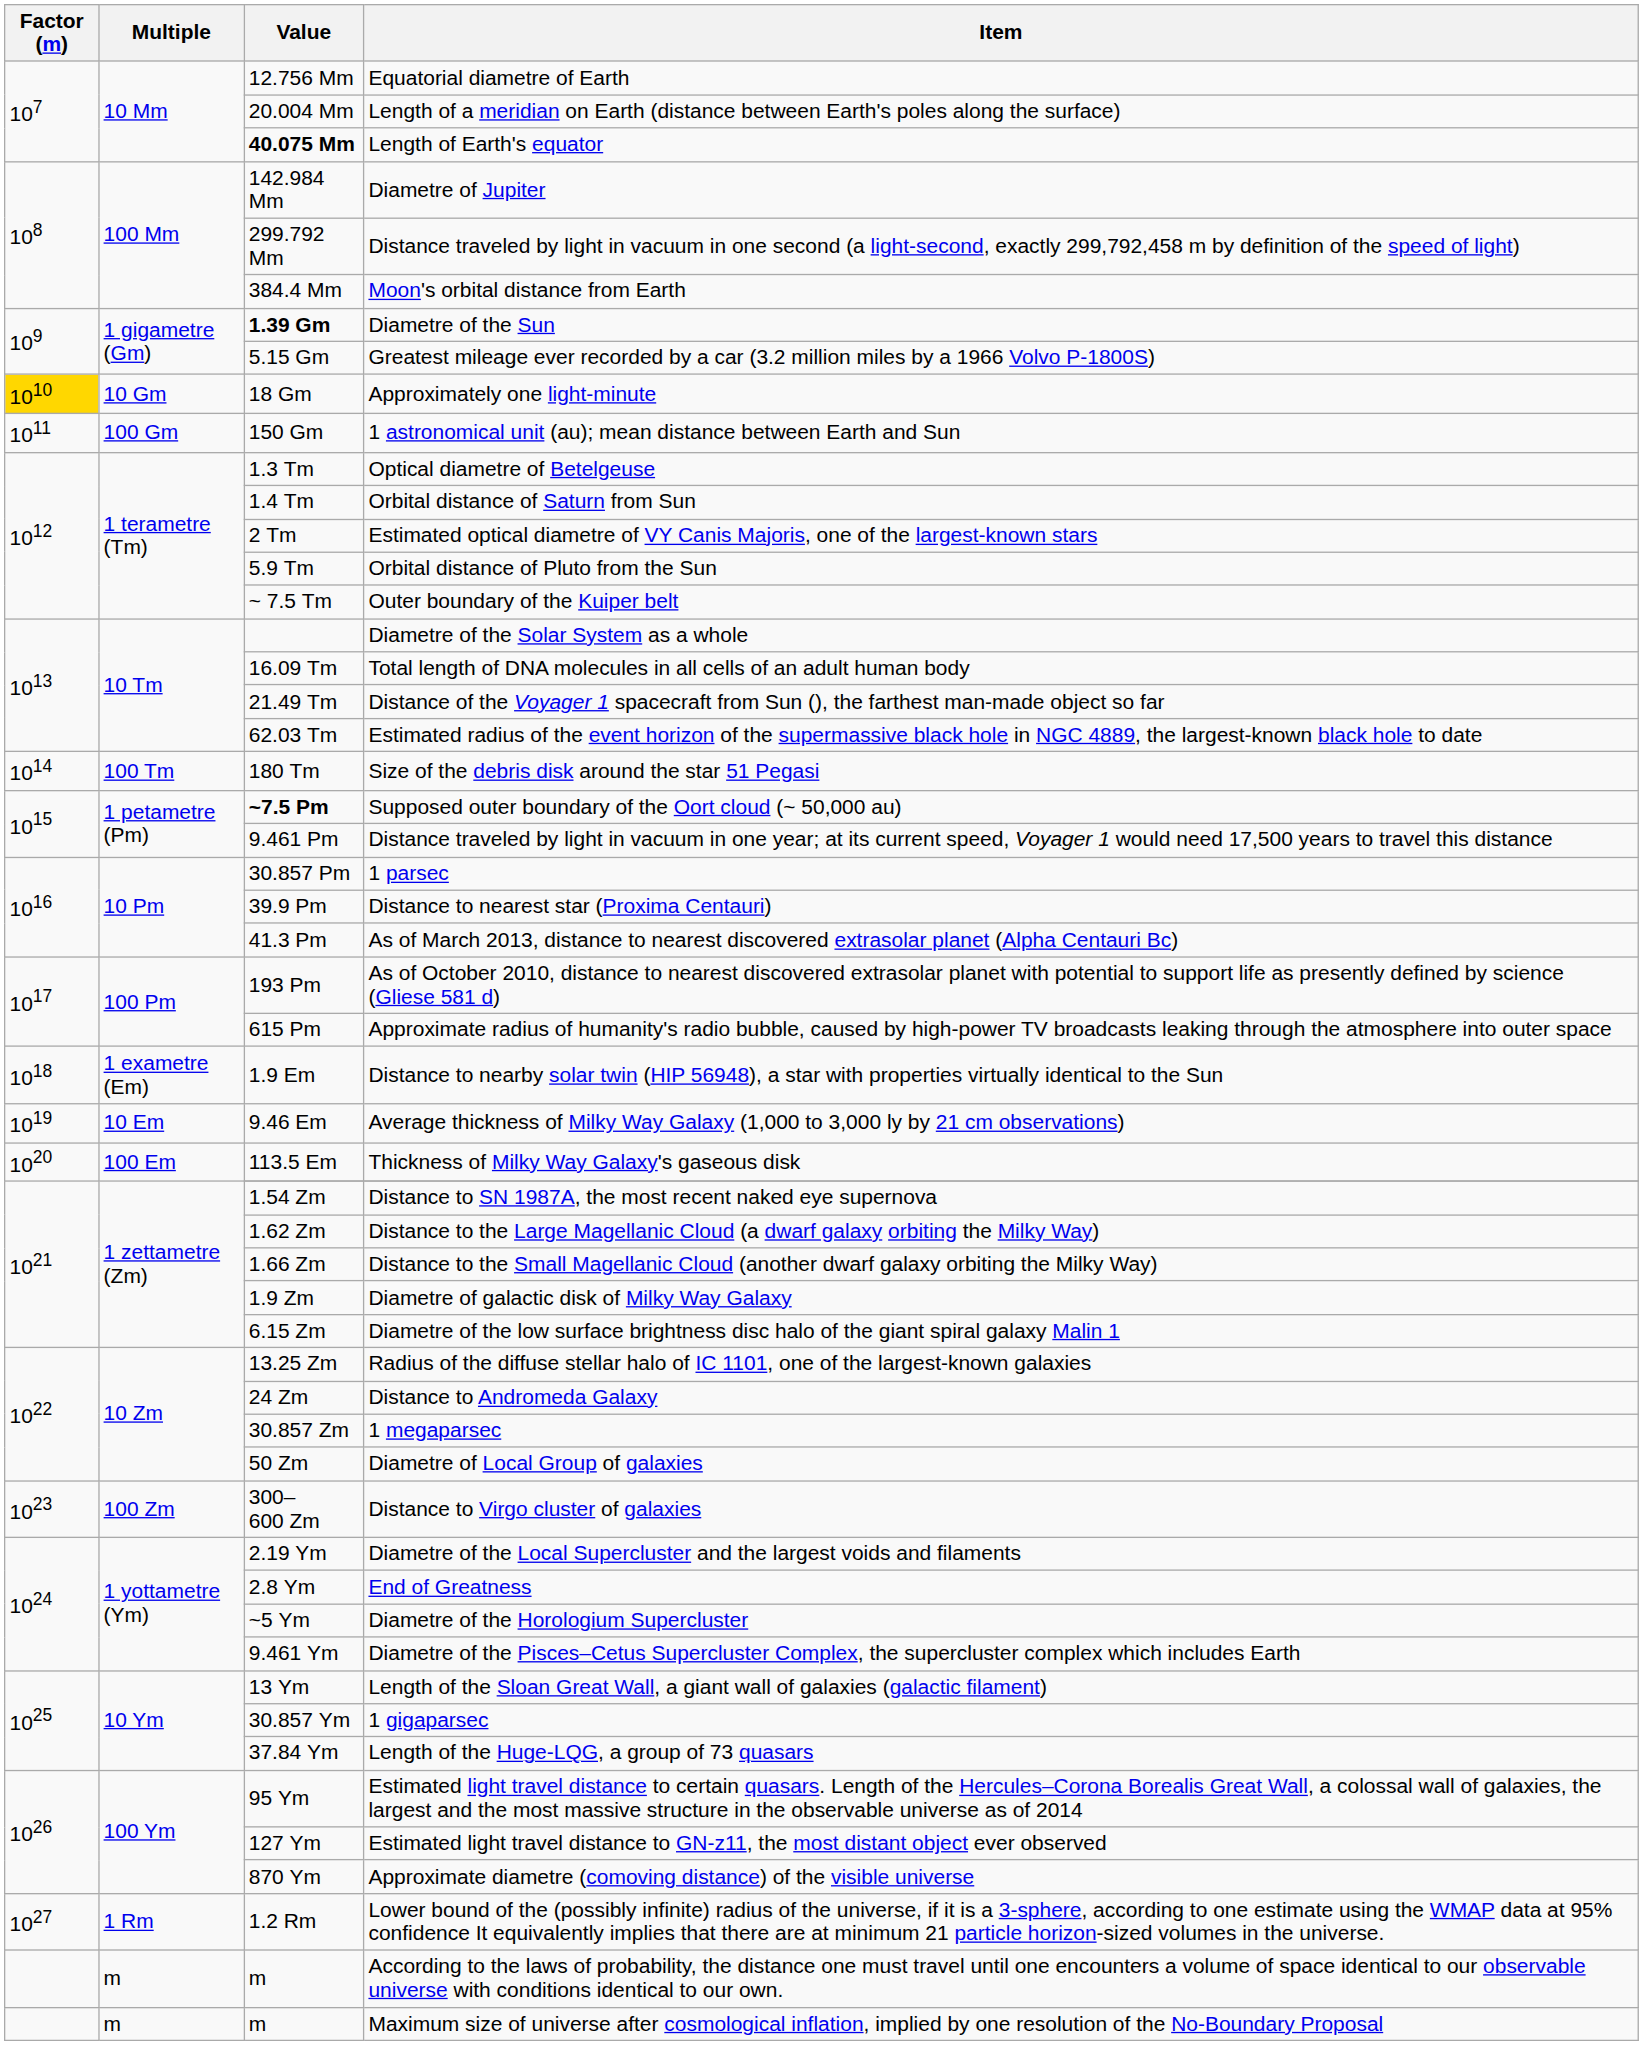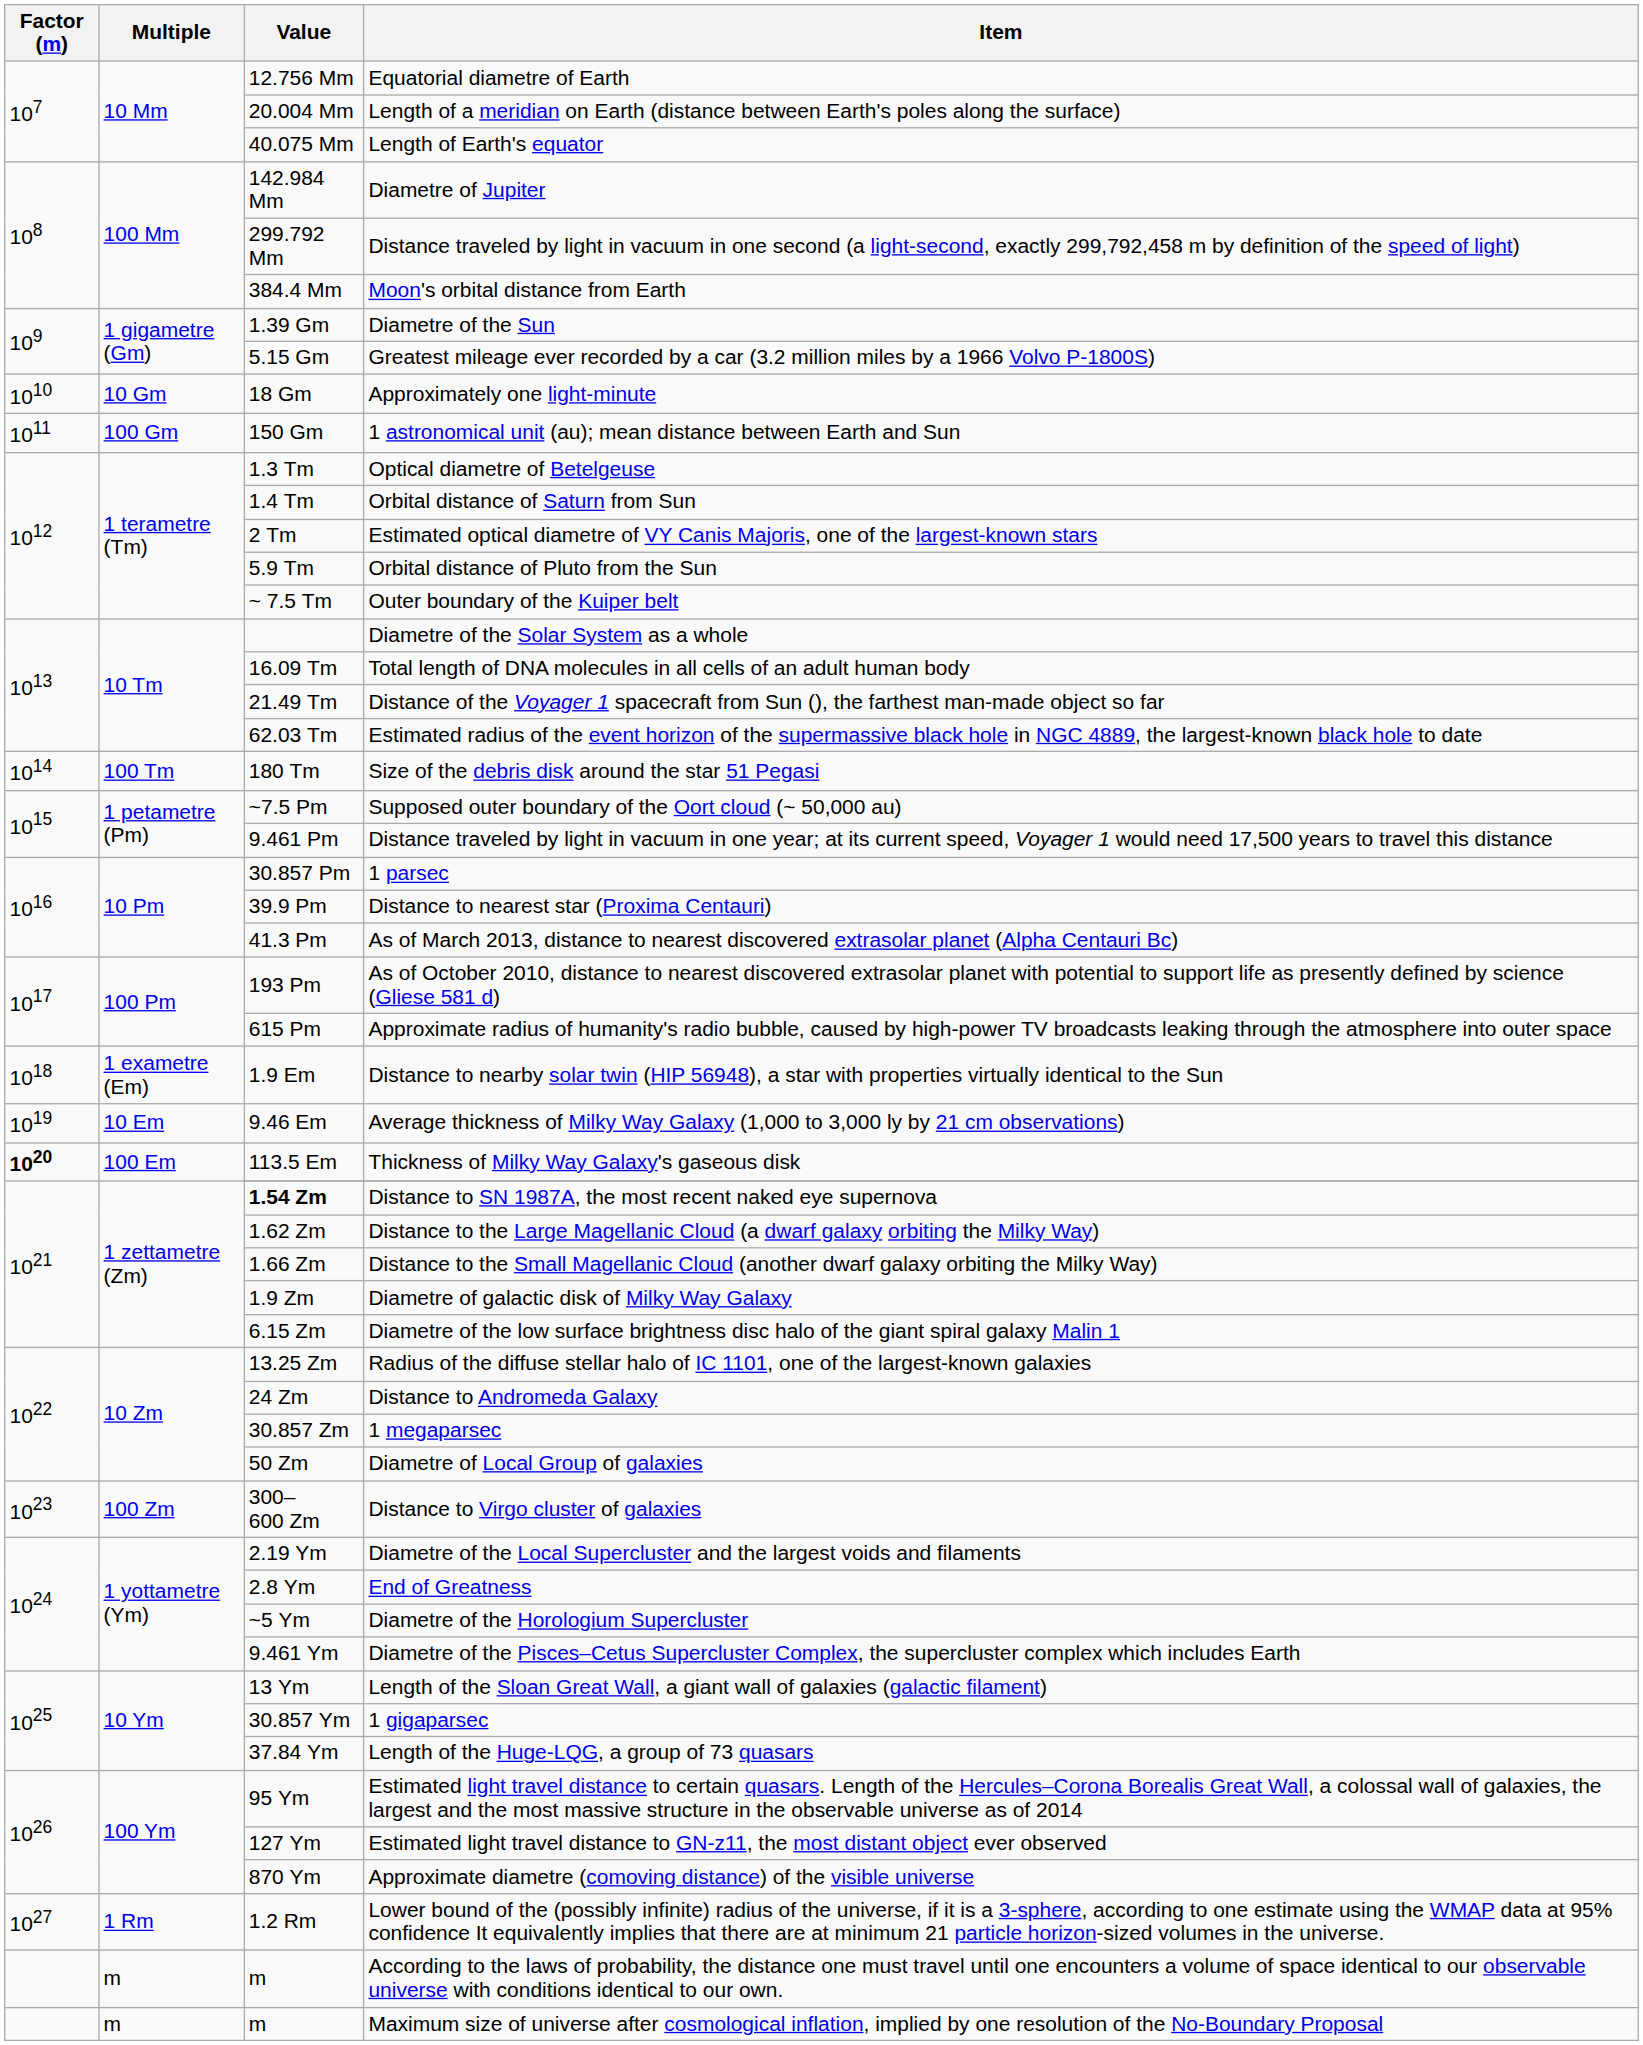 <table class="wikitable">
 <tr>
 <th>Factor (<a href='#'>m</a>)</th>
 <th>Multiple</th>
 <th>Value</th>
 <th>Item</th>
 </tr>
 <tr>
 <td rowspan="3">10<sup>7</sup></td>
 <td rowspan="3"><a href='#'>10 Mm</a></td>
 <td>12.756 Mm</td>
 <td>Equatorial diametre of Earth</td>
 </tr>
 <tr>
 <td>20.004 Mm</td>
 <td>Length of a <a href='#'>meridian</a> on Earth (distance between Earth's poles along the surface)</td>
 </tr>
 <tr>
-<td><strong>40.075 Mm</strong></td>
+<td>40.075 Mm</td>
 <td>Length of Earth's <a href='#'>equator</a></td>
 </tr>
 <tr>
 <td rowspan=3>10<sup>8</sup></td>
 <td rowspan=3><a href='#'>100 Mm</a></td>
 <td>142.984 Mm</td>
 <td>Diametre of <a href='#'>Jupiter</a></td>
 </tr>
 <tr>
 <td>299.792 Mm</td>
 <td>Distance traveled by light in vacuum in one second (a <a href='#'>light-second</a>, exactly 299,792,458 m by definition of the <a href='#'>speed of light</a>)</td>
 </tr>
 <tr>
 <td>384.4 Mm</td>
 <td><a href='#'>Moon</a>'s orbital distance from Earth</td>
 </tr>
 <tr>
 <td rowspan=2>10<sup>9</sup></td>
 <td rowspan=2><a href='#'>1 gigametre</a> (<a href='#'>Gm</a>)</td>
-<td><strong>1.39 Gm</strong></td>
+<td>1.39 Gm</td>
 <td>Diametre of the <a href='#'>Sun</a></td>
 </tr>
 <tr>
 <td>5.15 Gm</td>
 <td>Greatest mileage ever recorded by a car (3.2 million miles by a 1966 <a href='#'>Volvo P-1800S</a>)</td>
 </tr>
 <tr>
-<td style="background: gold;">10<sup>10</sup></td>
+<td>10<sup>10</sup></td>
 <td><a href='#'>10 Gm</a></td>
 <td>18 Gm</td>
 <td>Approximately one <a href='#'>light-minute</a></td>
 </tr>
 <tr>
 <td rowspan=1>10<sup>11</sup></td>
 <td rowspan=1><a href='#'>100 Gm</a></td>
 <td>150 Gm</td>
 <td>1 <a href='#'>astronomical unit</a> (au); mean distance between Earth and Sun</td>
 </tr>
 <tr>
 <td rowspan=5>10<sup>12</sup></td>
 <td rowspan=5><a href='#'>1 terametre</a> (Tm)</td>
 <td>1.3 Tm</td>
 <td>Optical diametre of <a href='#'>Betelgeuse</a></td>
 </tr>
 <tr>
 <td>1.4 Tm</td>
 <td>Orbital distance of <a href='#'>Saturn</a> from Sun</td>
 </tr>
 <tr>
 <td>2 Tm</td>
 <td>Estimated optical diametre of <a href='#'>VY Canis Majoris</a>, one of the <a href='#'>largest-known stars</a></td>
 </tr>
 <tr>
 <td>5.9 Tm</td>
 <td>Orbital distance of Pluto from the Sun</td>
 </tr>
 <tr>
 <td>~ 7.5 Tm</td>
 <td>Outer boundary of the <a href='#'>Kuiper belt</a></td>
 </tr>
 <tr>
 <td rowspan=4>10<sup>13</sup></td>
 <td rowspan=4><a href='#'>10 Tm</a></td>
 <td></td>
 <td>Diametre of the <a href='#'>Solar System</a> as a whole</td>
 </tr>
 <tr>
 <td>16.09 Tm</td>
 <td>Total length of DNA molecules in all cells of an adult human body</td>
 </tr>
 <tr>
 <td>21.49 Tm</td>
 <td>Distance of the <em><a href='#'>Voyager 1</a></em> spacecraft from Sun (), the farthest man-made object so far</td>
 </tr>
 <tr>
 <td>62.03 Tm</td>
 <td>Estimated radius of the <a href='#'>event horizon</a> of the <a href='#'>supermassive black hole</a> in <a href='#'>NGC 4889</a>, the largest-known <a href='#'>black hole</a> to date</td>
 </tr>
 <tr>
 <td>10<sup>14</sup></td>
 <td><a href='#'>100 Tm</a></td>
 <td>180 Tm</td>
 <td>Size of the <a href='#'>debris disk</a> around the star <a href='#'>51 Pegasi</a></td>
 </tr>
 <tr>
 <td rowspan=2>10<sup>15</sup></td>
 <td rowspan=2><a href='#'>1 petametre</a> (Pm)</td>
-<td><strong>~7.5 Pm</strong></td>
+<td>~7.5 Pm</td>
 <td>Supposed outer boundary of the <a href='#'>Oort cloud</a> (~ 50,000 au)</td>
 </tr>
 <tr>
 <td>9.461 Pm</td>
 <td>Distance traveled by light in vacuum in one year; at its current speed, <em>Voyager 1</em> would need 17,500 years to travel this distance</td>
 </tr>
 <tr>
 <td rowspan=3>10<sup>16</sup></td>
 <td rowspan=3><a href='#'>10 Pm</a></td>
 <td>30.857 Pm</td>
 <td>1 <a href='#'>parsec</a></td>
 </tr>
 <tr>
 <td>39.9 Pm</td>
 <td>Distance to nearest star (<a href='#'>Proxima Centauri</a>)</td>
 </tr>
 <tr>
 <td>41.3 Pm</td>
 <td>As of March 2013, distance to nearest discovered <a href='#'>extrasolar planet</a> (<a href='#'>Alpha Centauri Bc</a>)</td>
 </tr>
 <tr>
 <td rowspan=2>10<sup>17</sup></td>
 <td rowspan=2><a href='#'>100 Pm</a></td>
 <td>193 Pm</td>
 <td>As of October 2010, distance to nearest discovered extrasolar planet with potential to support life as presently defined by science (<a href='#'>Gliese 581 d</a>)</td>
 </tr>
 <tr>
 <td>615 Pm</td>
 <td>Approximate radius of humanity's radio bubble, caused by high-power TV broadcasts leaking through the atmosphere into outer space</td>
 </tr>
 <tr>
 <td>10<sup>18</sup></td>
 <td><a href='#'>1 exametre</a> (Em)</td>
 <td>1.9 Em</td>
 <td>Distance to nearby <a href='#'>solar twin</a> (<a href='#'>HIP 56948</a>), a star with properties virtually identical to the Sun</td>
 </tr>
 <tr>
 <td>10<sup>19</sup></td>
 <td><a href='#'>10 Em</a></td>
 <td>9.46 Em</td>
 <td>Average thickness of <a href='#'>Milky Way Galaxy</a> (1,000 to 3,000 ly by <a href='#'>21 cm observations</a>)</td>
 </tr>
 <tr>
-<td rowspan=1>10<sup>20</sup></td>
+<td rowspan=1><strong>10<sup>20</sup></strong></td>
 <td><a href='#'>100 Em</a></td>
 <td>113.5 Em</td>
 <td>Thickness of <a href='#'>Milky Way Galaxy</a>'s gaseous disk</td>
 </tr>
 <tr>
 <td rowspan=6>10<sup>21</sup></td>
 <td rowspan=6><a href='#'>1 zettametre</a> (Zm)</td>
 </tr>
 <tr>
-<td>1.54 Zm</td>
+<td><strong>1.54 Zm</strong></td>
 <td>Distance to <a href='#'>SN 1987A</a>, the most recent naked eye supernova</td>
 </tr>
 <tr>
 <td>1.62 Zm</td>
 <td>Distance to the <a href='#'>Large Magellanic Cloud</a> (a <a href='#'>dwarf galaxy</a> <a href='#'>orbiting</a> the <a href='#'>Milky Way</a>)</td>
 </tr>
 <tr>
 <td>1.66 Zm</td>
 <td>Distance to the <a href='#'>Small Magellanic Cloud</a> (another dwarf galaxy orbiting the Milky Way)</td>
 </tr>
 <tr>
 <td>1.9 Zm</td>
 <td>Diametre of galactic disk of <a href='#'>Milky Way Galaxy</a></td>
 </tr>
 <tr>
 <td>6.15 Zm</td>
 <td>Diametre of the low surface brightness disc halo of the giant spiral galaxy <a href='#'>Malin 1</a></td>
 </tr>
 <tr>
 <td rowspan=4>10<sup>22</sup></td>
 <td rowspan=4><a href='#'>10 Zm</a></td>
 <td>13.25 Zm</td>
 <td>Radius of the diffuse stellar halo of <a href='#'>IC 1101</a>, one of the largest-known galaxies</td>
 </tr>
 <tr>
 <td>24 Zm</td>
 <td>Distance to <a href='#'>Andromeda Galaxy</a></td>
 </tr>
 <tr>
 <td>30.857 Zm</td>
 <td>1 <a href='#'>megaparsec</a></td>
 </tr>
 <tr>
 <td>50 Zm</td>
 <td>Diametre of <a href='#'>Local Group</a> of <a href='#'>galaxies</a></td>
 </tr>
 <tr>
 <td>10<sup>23</sup></td>
 <td><a href='#'>100 Zm</a></td>
 <td>300–600 Zm</td>
 <td>Distance to <a href='#'>Virgo cluster</a> of <a href='#'>galaxies</a></td>
 </tr>
 <tr>
 <td rowspan=4>10<sup>24</sup></td>
 <td rowspan=4><a href='#'>1 yottametre</a> (Ym)</td>
 <td>2.19 Ym</td>
 <td>Diametre of the <a href='#'>Local Supercluster</a> and the largest voids and filaments</td>
 </tr>
 <tr>
 <td>2.8 Ym</td>
 <td><a href='#'>End of Greatness</a></td>
 </tr>
 <tr>
 <td>~5 Ym</td>
 <td>Diametre of the <a href='#'>Horologium Supercluster</a></td>
 </tr>
 <tr>
 <td>9.461 Ym</td>
 <td>Diametre of the <a href='#'>Pisces–Cetus Supercluster Complex</a>, the supercluster complex which includes Earth</td>
 </tr>
 <tr>
 <td rowspan=3>10<sup>25</sup></td>
 <td rowspan=3><a href='#'>10 Ym</a></td>
 <td>13 Ym</td>
 <td>Length of the <a href='#'>Sloan Great Wall</a>, a giant wall of galaxies (<a href='#'>galactic filament</a>)</td>
 </tr>
 <tr>
 <td>30.857 Ym</td>
 <td>1 <a href='#'>gigaparsec</a></td>
 </tr>
 <tr>
 <td>37.84 Ym</td>
 <td>Length of the <a href='#'>Huge-LQG</a>, a group of 73 <a href='#'>quasars</a></td>
 </tr>
 <tr>
 <td rowspan=3>10<sup>26</sup></td>
 <td rowspan=3><a href='#'>100 Ym</a></td>
 <td>95 Ym</td>
 <td>Estimated <a href='#'>light travel distance</a> to certain <a href='#'>quasars</a>. Length of the <a href='#'>Hercules–Corona Borealis Great Wall</a>, a colossal wall of galaxies, the largest and the most massive structure in the observable universe as of 2014</td>
 </tr>
 <tr>
 <td>127 Ym</td>
 <td>Estimated light travel distance to <a href='#'>GN-z11</a>, the <a href='#'>most distant object</a> ever observed</td>
 </tr>
 <tr>
 <td>870 Ym</td>
 <td>Approximate diametre (<a href='#'>comoving distance</a>) of the <a href='#'>visible universe</a></td>
 </tr>
 <tr>
 <td>10<sup>27</sup></td>
 <td><a href='#'>1 Rm</a><br></td>
 <td>1.2 Rm</td>
 <td>Lower bound of the (possibly infinite) radius of the universe, if it is a <a href='#'>3-sphere</a>, according to one estimate using the <a href='#'>WMAP</a> data at 95% confidence It equivalently implies that there are at minimum 21 <a href='#'>particle horizon</a>-sized volumes in the universe.<br></td>
 </tr>
 <tr>
 <td></td>
 <td> m</td>
 <td> m</td>
 <td>According to the laws of probability, the distance one must travel until one encounters a volume of space identical to our <a href='#'>observable universe</a> with conditions identical to our own.</td>
 </tr>
 <tr>
 <td></td>
 <td> m</td>
 <td> m</td>
 <td>Maximum size of universe after <a href='#'>cosmological inflation</a>, implied by one resolution of the <a href='#'>No-Boundary Proposal</a></td>
 </tr>
 </table>
